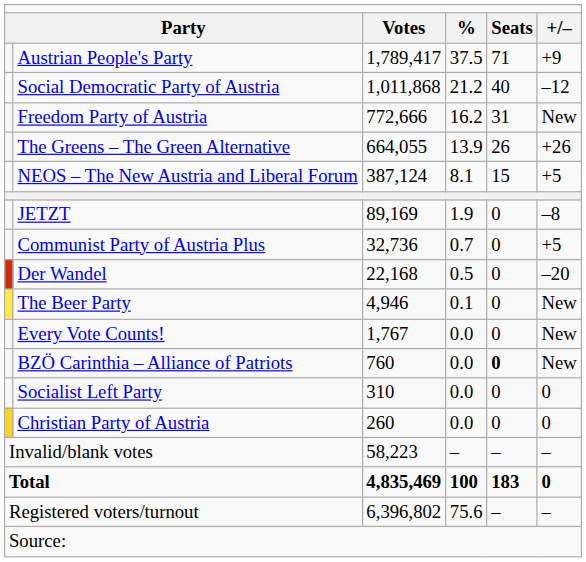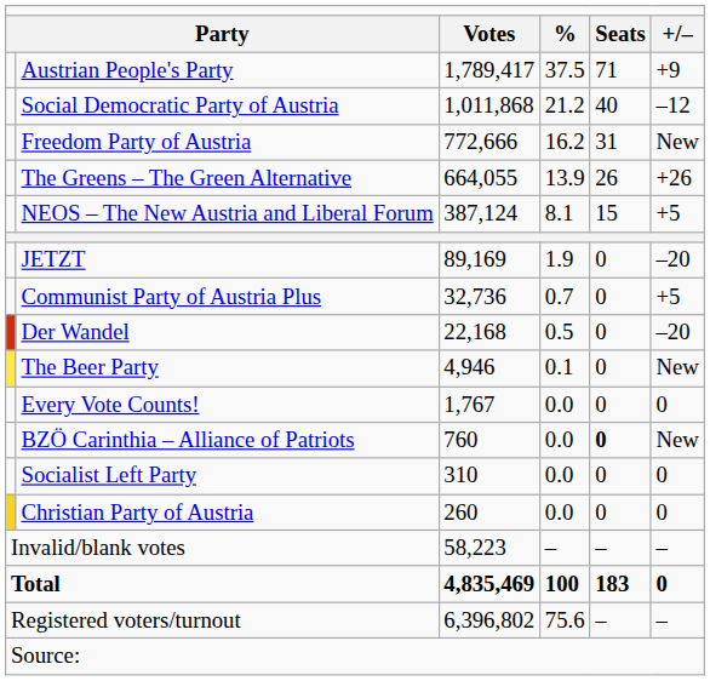 <table class="wikitable">
 <tr>
 <td colspan="15" align="center"></td>
 </tr>
 <tr>
 <th colspan="2">Party</th>
 <th>Votes</th>
 <th>%</th>
 <th>Seats</th>
 <th>+/–</th>
 </tr>
 <tr>
 <td></td>
 <td align="left"><a href='#'>Austrian People's Party</a></td>
 <td>1,789,417</td>
 <td>37.5</td>
 <td>71</td>
 <td>+9</td>
 </tr>
 <tr>
 <td></td>
 <td align="left"><a href='#'>Social Democratic Party of Austria</a></td>
 <td>1,011,868</td>
 <td>21.2</td>
 <td>40</td>
 <td>–12</td>
 </tr>
 <tr>
 <td></td>
 <td align="left"><a href='#'>Freedom Party of Austria</a></td>
 <td>772,666</td>
 <td>16.2</td>
 <td>31</td>
 <td>New</td>
 </tr>
 <tr>
 <td></td>
 <td align="left"><a href='#'>The Greens – The Green Alternative</a></td>
 <td>664,055</td>
 <td>13.9</td>
 <td>26</td>
 <td>+26</td>
 </tr>
 <tr>
 <td></td>
 <td align="left"><a href='#'>NEOS – The New Austria and Liberal Forum</a></td>
 <td>387,124</td>
 <td>8.1</td>
 <td>15</td>
 <td>+5</td>
 </tr>
 <tr>
 <th colspan="6"></th>
 </tr>
 <tr>
 <td></td>
 <td align="left"><a href='#'>JETZT</a></td>
 <td>89,169</td>
 <td>1.9</td>
 <td>0</td>
-<td>–8</td>
+<td>–20</td>
 </tr>
 <tr>
 <td></td>
 <td align="left"><a href='#'>Communist Party of Austria Plus</a></td>
 <td>32,736</td>
 <td>0.7</td>
 <td>0</td>
 <td>+5</td>
 </tr>
 <tr>
 <td bgcolor="#D32C0B"></td>
 <td align="left"><a href='#'>Der Wandel</a></td>
 <td>22,168</td>
 <td>0.5</td>
 <td>0</td>
 <td>–20</td>
 </tr>
 <tr>
 <td bgcolor="#FFEB3B"></td>
 <td align="left"><a href='#'>The Beer Party</a></td>
 <td>4,946</td>
 <td>0.1</td>
 <td>0</td>
 <td>New</td>
 </tr>
 <tr>
 <td></td>
 <td align="left"><a href='#'>Every Vote Counts!</a></td>
 <td>1,767</td>
 <td>0.0</td>
 <td>0</td>
-<td>New</td>
+<td>0</td>
 </tr>
 <tr>
 <td></td>
 <td align="left"><a href='#'>BZÖ Carinthia – Alliance of Patriots</a></td>
 <td>760</td>
 <td>0.0</td>
 <td><strong>0</strong></td>
 <td>New</td>
 </tr>
 <tr>
 <td></td>
 <td align="left"><a href='#'>Socialist Left Party</a></td>
 <td>310</td>
 <td>0.0</td>
 <td>0</td>
 <td>0</td>
 </tr>
 <tr>
 <td bgcolor="#FAD41B"></td>
 <td align="left"><a href='#'>Christian Party of Austria</a></td>
 <td>260</td>
 <td>0.0</td>
 <td>0</td>
 <td>0</td>
 </tr>
 <tr>
 <td colspan="2" align="left">Invalid/blank votes</td>
 <td>58,223</td>
 <td>–</td>
 <td>–</td>
 <td>–</td>
 </tr>
 <tr>
 <td colspan="2" align="left"><strong>Total</strong></td>
 <td><strong>4,835,469</strong></td>
 <td><strong>100</strong></td>
 <td><strong>183</strong></td>
 <td><strong>0</strong></td>
 </tr>
 <tr>
 <td colspan="2" align="left">Registered voters/turnout</td>
 <td>6,396,802</td>
 <td>75.6</td>
 <td>–</td>
 <td>–</td>
 </tr>
 <tr>
 <td colspan="6" align="left">Source:  </td>
 </tr>
 </table>
